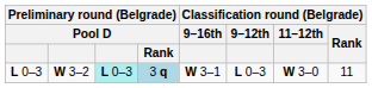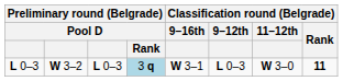 <table class="wikitable" style="font-size:100%;">
 <tr>
 <th colspan=4>Preliminary round (Belgrade)</th>
 <th colspan=4>Classification round (Belgrade)</th>
 </tr>
 <tr>
 <th colspan=4>Pool D</th>
 <th>9–16th</th>
 <th>9–12th</th>
 <th>11–12th</th>
 <th rowspan=2>Rank</th>
 </tr>
 <tr>
 <th></th>
 <th></th>
 <th></th>
 <th>Rank</th>
 <th></th>
 <th></th>
 <th></th>
 </tr>
 <tr align=center>
 <td><strong>L</strong> 0–3</td>
 <td><strong>W</strong> 3–2</td>
-<td style="background: paleturquoise;"><strong>L</strong> 0–3</td>
+<td><strong>L</strong> 0–3</td>
 <td style="background: lightblue;">3 <strong>q</strong></td>
 <td><strong>W</strong> 3–1</td>
 <td><strong>L</strong> 0–3</td>
 <td><strong>W</strong> 3–0</td>
-<td>11</td>
+<td><strong>11</strong></td>
 </tr>
 </table>
